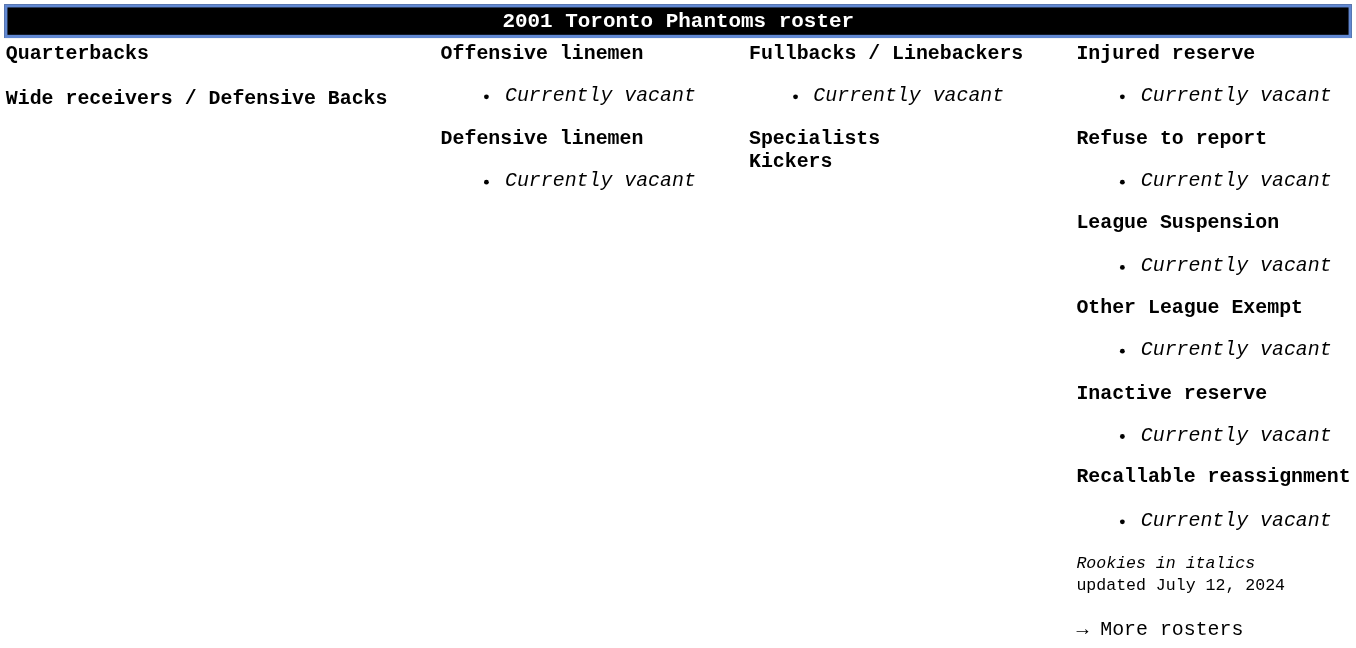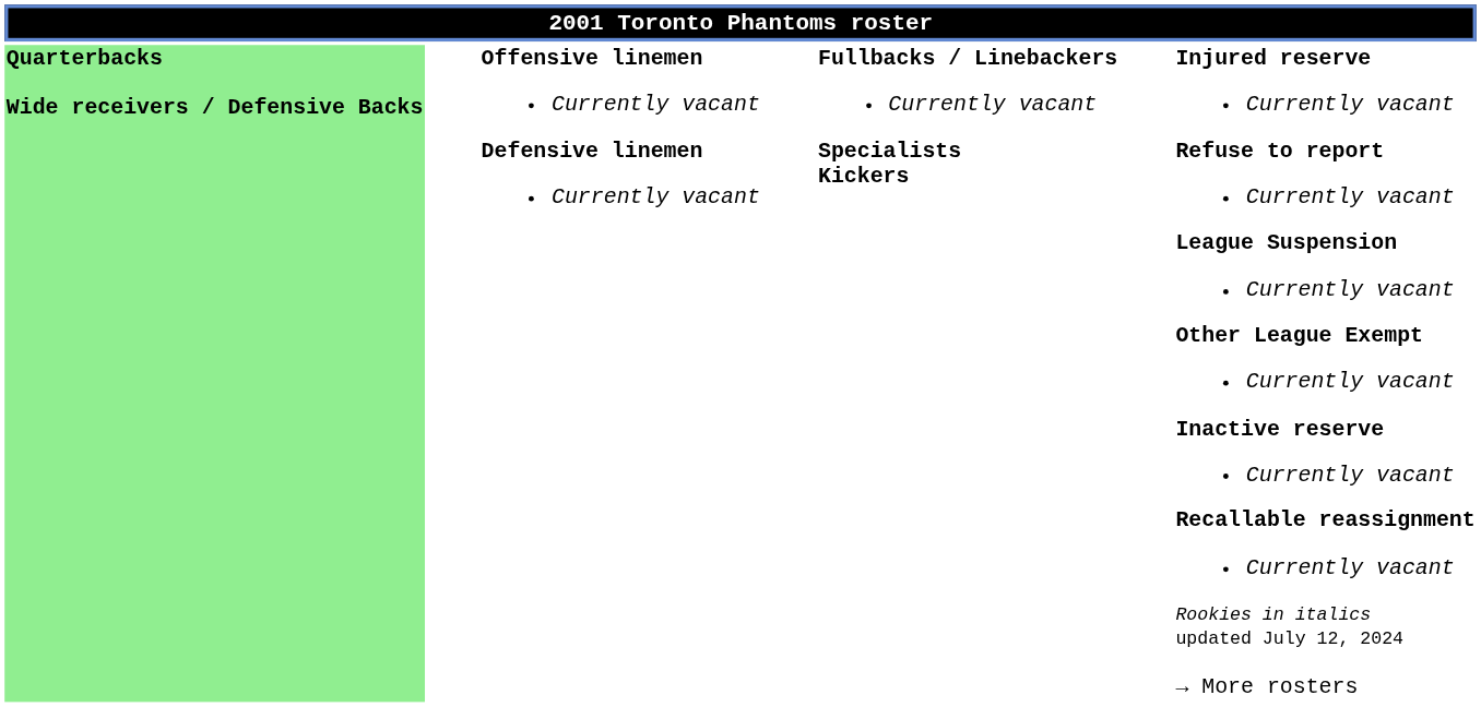 <table class="toccolours" style="text-align: left;">
 <tr>
 <th colspan=7 style="background:black; border: 2px solid #6188D2; color:white; text-align:center;"><strong>2001 Toronto Phantoms roster</strong></th>
 </tr>
 <tr>
-<td style="font-size: 95%;" valign="top"><strong>Quarterbacks</strong><br> <br><strong>Wide receivers / Defensive Backs</strong> </td>
+<td style="background: lightgreen; font-size: 95%;" valign="top"><strong>Quarterbacks</strong><br> <br><strong>Wide receivers / Defensive Backs</strong> </td>
 <td style="width: 25px;"></td>
 <td style="font-size: 95%;" valign="top"><strong>Offensive linemen</strong><br><ul><li><em>Currently vacant</em></li></ul><strong>Defensive linemen</strong><ul><li><em>Currently vacant</em></li></ul></td>
 <td style="width: 25px;"></td>
 <td style="font-size: 95%;" valign="top"><strong>Fullbacks / Linebackers</strong><br><ul><li><em>Currently vacant</em></li></ul><strong>Specialists</strong>  <br><strong>Kickers</strong> </td>
 <td style="width: 25px;"></td>
 <td style="font-size: 95%;" valign="top"><strong>Injured reserve</strong><br><ul><li><em>Currently vacant</em></li></ul><strong>Refuse to report</strong><ul><li><em>Currently vacant</em></li></ul><strong>League Suspension</strong><ul><li><em>Currently vacant</em></li></ul><strong>Other League Exempt</strong><ul><li><em>Currently vacant</em></li></ul><strong>Inactive reserve</strong><ul><li><em>Currently vacant</em></li></ul><strong>Recallable reassignment</strong><ul><li><em>Currently vacant</em></li></ul><small><em>Rookies in italics</em><br><span></span> updated July 12, 2024</small><br> <br>→ More rosters</td>
 </tr>
 <tr>
 </tr>
 </table>
